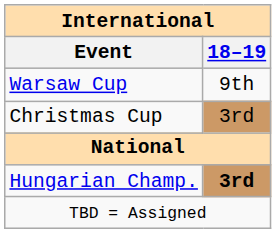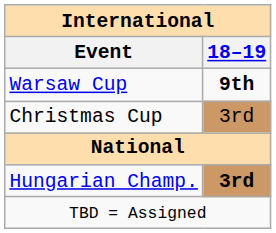 <table class="wikitable" style="text-align:center">
 <tr>
 <th style="background-color: #ffdead; " colspan=2 align=center>International</th>
 </tr>
 <tr>
 <th>Event</th>
 <th><a href='#'>18–19</a></th>
 </tr>
 <tr>
 <td align=left><a href='#'>Warsaw Cup</a></td>
-<td>9th</td>
+<td><strong>9th</strong></td>
 </tr>
 <tr>
 <td align=left>Christmas Cup</td>
 <td bgcolor=cc9966>3rd</td>
 </tr>
 <tr>
 <th style="background-color: #ffdead; " colspan=2 align=center>National</th>
 </tr>
 <tr>
 <td align=left><a href='#'>Hungarian Champ.</a></td>
 <td bgcolor=cc9966><strong>3rd</strong></td>
 </tr>
 <tr>
 <td colspan=3 align=center><small> TBD = Assigned </small></td>
 </tr>
 </table>
